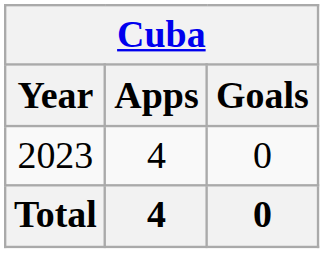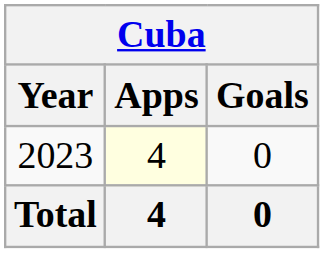 <table class="wikitable" style="text-align:center">
 <tr>
 <th colspan=3><a href='#'>Cuba</a></th>
 </tr>
 <tr>
 <th>Year</th>
 <th>Apps</th>
 <th>Goals</th>
 </tr>
 <tr>
 <td>2023</td>
-<td>4</td>
+<td style="background: lightyellow;">4</td>
 <td>0</td>
 </tr>
 <tr>
 <th>Total</th>
 <th>4</th>
 <th>0</th>
 </tr>
 </table>
